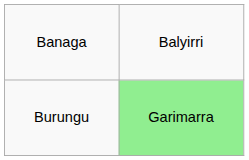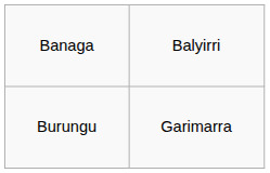 <table class="wikitable" style="text-align: center;">
 <tr>
 <td style="padding: 2rem;">Banaga</td>
 <td style="padding: 2rem;">Balyirri</td>
 </tr>
 <tr>
 <td style="padding: 2rem;">Burungu</td>
-<td style="background: lightgreen; padding: 2rem;">Garimarra</td>
+<td style="padding: 2rem;">Garimarra</td>
 </tr>
 </table>
